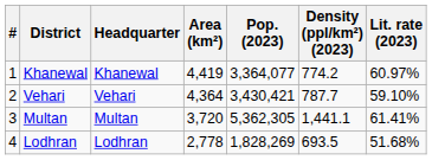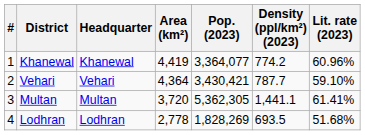 <table class="wikitable sortable">
 <tr>
 <th>#</th>
 <th>District</th>
 <th>Headquarter</th>
 <th>Area<br>(km²)</th>
 <th>Pop.<br>(2023)</th>
 <th>Density<br>(ppl/km²)<br>(2023)</th>
 <th>Lit. rate<br>(2023)</th>
 </tr>
 <tr>
 <td>1</td>
 <td><a href='#'>Khanewal</a></td>
 <td><a href='#'>Khanewal</a></td>
 <td>4,419</td>
 <td>3,364,077</td>
 <td>774.2</td>
-<td>60.97%</td>
+<td>60.96%</td>
 </tr>
 <tr>
 <td>2</td>
 <td><a href='#'>Vehari</a></td>
 <td><a href='#'>Vehari</a></td>
 <td>4,364</td>
 <td>3,430,421</td>
 <td>787.7</td>
 <td>59.10%</td>
 </tr>
 <tr>
 <td>3</td>
 <td><a href='#'>Multan</a></td>
 <td><a href='#'>Multan</a></td>
 <td>3,720</td>
 <td>5,362,305</td>
 <td>1,441.1</td>
 <td>61.41%</td>
 </tr>
 <tr>
 <td>4</td>
 <td><a href='#'>Lodhran</a></td>
 <td><a href='#'>Lodhran</a></td>
 <td>2,778</td>
 <td>1,828,269</td>
 <td>693.5</td>
 <td>51.68%</td>
 </tr>
 </table>
